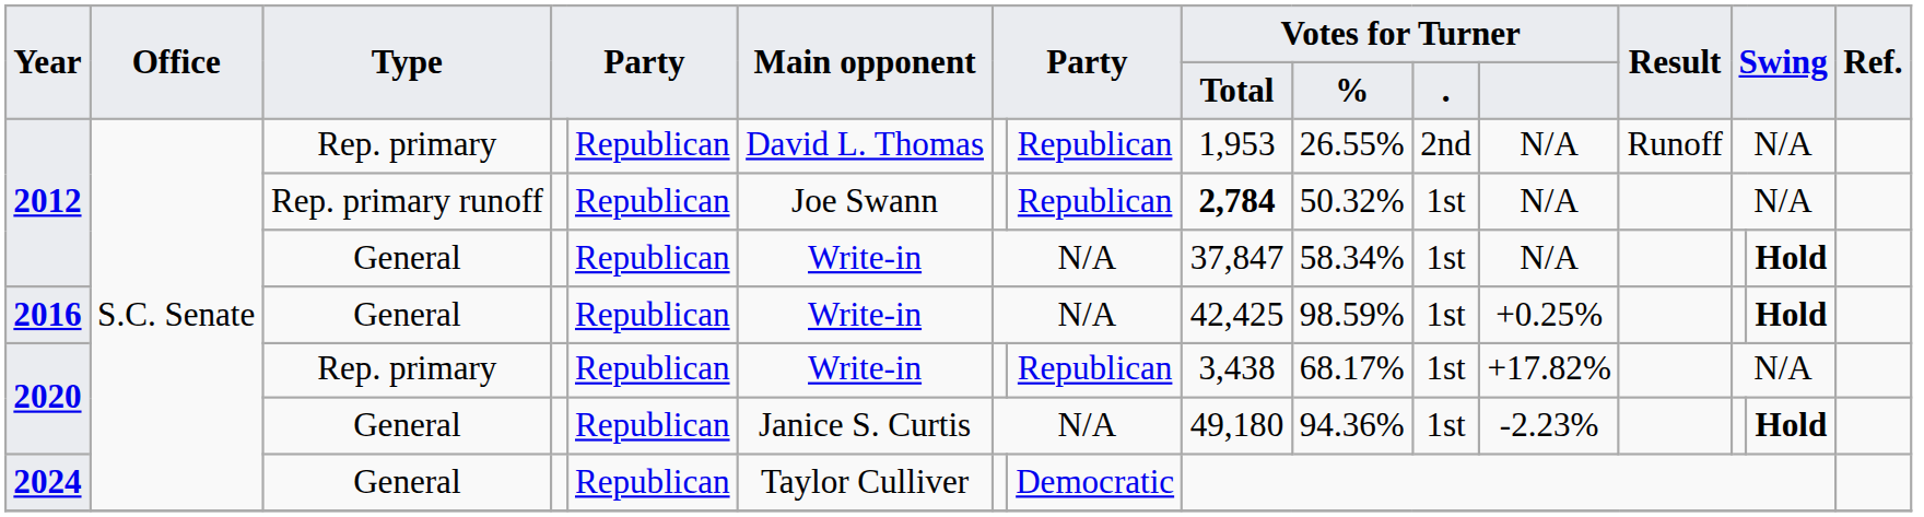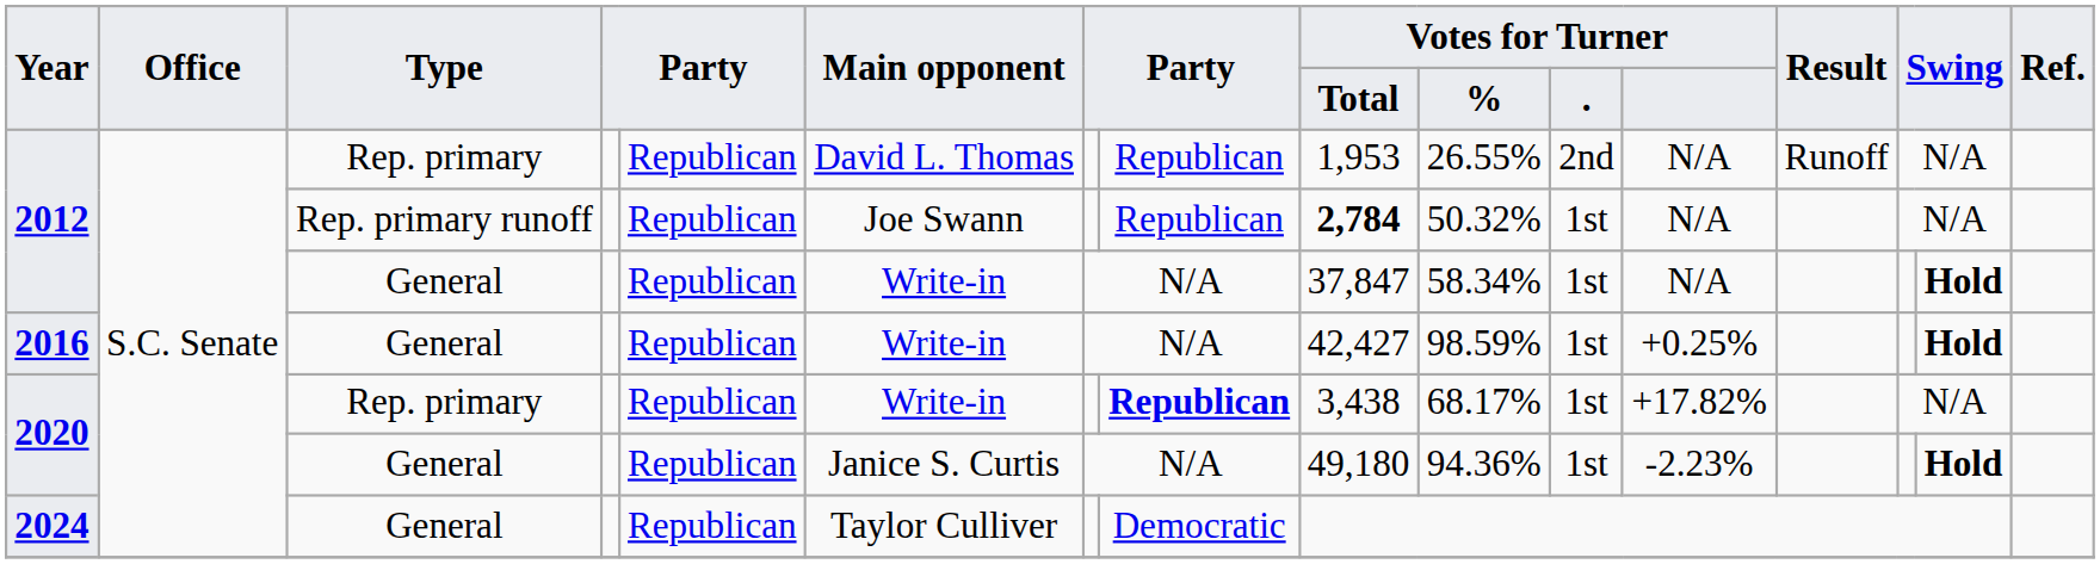 <table class="wikitable" style="font-size: 90%; text-align:center;">
 <tr>
 <th style="background-color:#EAECF0;" rowspan=2>Year</th>
 <th style="background-color:#EAECF0;" rowspan=2>Office</th>
 <th style="background-color:#EAECF0;" rowspan=2>Type</th>
 <th style="background-color:#EAECF0;" colspan=2 rowspan=2>Party</th>
 <th style="background-color:#EAECF0;" rowspan=2>Main opponent</th>
 <th style="background-color:#EAECF0;" colspan=2 rowspan=2>Party</th>
 <th style="background-color:#EAECF0;" colspan=4>Votes for Turner</th>
 <th style="background-color:#EAECF0;" rowspan=2>Result</th>
 <th style="background-color:#EAECF0;" colspan=2 rowspan=2><a href='#'>Swing</a></th>
 <th style="background-color:#EAECF0;" colspan=2 rowspan=2>Ref.</th>
 </tr>
 <tr>
 <th style="background-color:#EAECF0;">Total</th>
 <th style="background-color:#EAECF0;">%</th>
 <th style="background-color:#EAECF0;">.</th>
 <th style="background-color:#EAECF0;"></th>
 </tr>
 <tr>
 <th rowspan=3 style="background-color:#EAECF0;"><a href='#'>2012</a></th>
 <td rowspan=7>S.C. Senate</td>
 <td>Rep. primary</td>
 <td style="background-color:"></td>
 <td><a href='#'>Republican</a></td>
 <td><a href='#'>David L. Thomas</a></td>
 <td style="background-color:"></td>
 <td><a href='#'>Republican</a></td>
 <td>1,953</td>
 <td>26.55%</td>
 <td>2nd</td>
 <td>N/A</td>
 <td>Runoff</td>
 <td colspan=2>N/A</td>
 <td></td>
 </tr>
 <tr>
 <td>Rep. primary runoff</td>
 <td style="background-color:"></td>
 <td><a href='#'>Republican</a></td>
 <td>Joe Swann</td>
 <td style="background-color:"></td>
 <td><a href='#'>Republican</a></td>
 <td><strong>2,784</strong></td>
 <td>50.32%</td>
 <td>1st</td>
 <td>N/A</td>
 <td></td>
 <td colspan=2>N/A</td>
 <td></td>
 </tr>
 <tr>
 <td>General</td>
 <td style="background-color:"></td>
 <td><a href='#'>Republican</a></td>
 <td><a href='#'>Write-in</a></td>
 <td colspan=2>N/A</td>
 <td>37,847</td>
 <td>58.34%</td>
 <td>1st</td>
 <td>N/A</td>
 <td></td>
 <td style="background-color:"></td>
 <td><strong>Hold</strong></td>
 <td></td>
 </tr>
 <tr>
 <th style="background-color:#EAECF0;"><a href='#'>2016</a></th>
 <td>General</td>
 <td style="background-color:"></td>
 <td><a href='#'>Republican</a></td>
 <td><a href='#'>Write-in</a></td>
 <td colspan=2>N/A</td>
-<td>42,425</td>
+<td>42,427</td>
 <td>98.59%</td>
 <td>1st</td>
 <td>+0.25%</td>
 <td></td>
 <td style="background-color:"></td>
 <td><strong>Hold</strong></td>
 <td></td>
 </tr>
 <tr>
 <th rowspan=2 style="background-color:#EAECF0;"><a href='#'>2020</a></th>
 <td>Rep. primary</td>
 <td style="background-color:"></td>
 <td><a href='#'>Republican</a></td>
 <td><a href='#'>Write-in</a></td>
 <td style="background-color:"></td>
-<td><a href='#'>Republican</a></td>
+<td><strong><a href='#'>Republican</a></strong></td>
 <td>3,438</td>
 <td>68.17%</td>
 <td>1st</td>
 <td>+17.82%</td>
 <td></td>
 <td colspan=2>N/A</td>
 <td></td>
 </tr>
 <tr>
 <td>General</td>
 <td style="background-color:"></td>
 <td><a href='#'>Republican</a></td>
 <td>Janice S. Curtis</td>
 <td colspan=2>N/A</td>
 <td>49,180</td>
 <td>94.36%</td>
 <td>1st</td>
 <td>-2.23%</td>
 <td></td>
 <td style="background-color:"></td>
 <td><strong>Hold</strong></td>
 <td></td>
 </tr>
 <tr>
 <th style="background-color:#EAECF0;"><a href='#'>2024</a></th>
 <td>General</td>
 <td style="background-color:"></td>
 <td><a href='#'>Republican</a></td>
 <td>Taylor Culliver</td>
 <td style="background-color:"></td>
 <td><a href='#'>Democratic</a></td>
 <td colspan=7></td>
 <td></td>
 </tr>
 <tr>
 </tr>
 </table>
